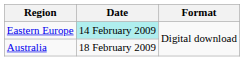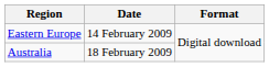 <table class="wikitable">
 <tr>
 <th>Region</th>
 <th>Date</th>
 <th>Format</th>
 </tr>
 <tr>
 <td><a href='#'>Eastern Europe</a></td>
-<td style="background: paleturquoise;">14 February 2009</td>
+<td>14 February 2009</td>
 <td rowspan=2>Digital download</td>
 </tr>
 <tr>
 <td><a href='#'>Australia</a></td>
 <td>18 February 2009</td>
 </tr>
 </table>
